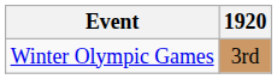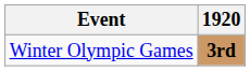 <table class="wikitable">
 <tr>
 <th>Event</th>
 <th>1920</th>
 </tr>
 <tr>
 <td><a href='#'>Winter Olympic Games</a></td>
-<td align="center" bgcolor="cc9966">3rd</td>
+<td align="center" bgcolor="cc9966"><strong>3rd</strong></td>
 </tr>
 </table>
